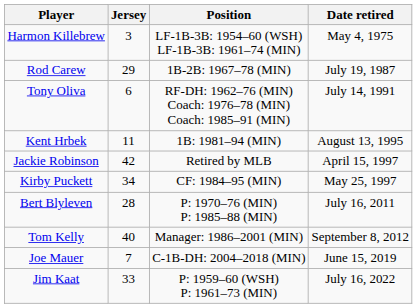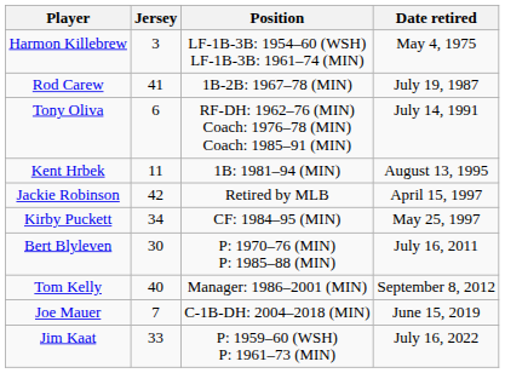 <table class="wikitable" style="text-align:center">
 <tr>
 <th style="text-align:center; ">Player</th>
 <th style="text-align:center; ">Jersey</th>
 <th style="text-align:center; ">Position</th>
 <th style="text-align:center; ">Date retired</th>
 </tr>
 <tr style="vertical-align:top">
 <td style="text-align:center;"><a href='#'>Harmon Killebrew</a></td>
 <td>3</td>
 <td>LF-1B-3B: 1954–60 (WSH)<br>LF-1B-3B: 1961–74 (MIN)</td>
 <td>May 4, 1975</td>
 </tr>
 <tr style="vertical-align:top">
 <td style="text-align:center;"><a href='#'>Rod Carew</a></td>
-<td>29</td>
+<td>41</td>
 <td>1B-2B: 1967–78 (MIN)</td>
 <td>July 19, 1987</td>
 </tr>
 <tr style="vertical-align:top">
 <td style="text-align:center;"><a href='#'>Tony Oliva</a></td>
 <td>6</td>
 <td>RF-DH: 1962–76 (MIN)<br>Coach: 1976–78 (MIN)<br>Coach: 1985–91 (MIN)</td>
 <td>July 14, 1991</td>
 </tr>
 <tr style="vertical-align:top">
 <td style="text-align:center;"><a href='#'>Kent Hrbek</a></td>
 <td>11</td>
 <td>1B: 1981–94 (MIN)</td>
 <td>August 13, 1995</td>
 </tr>
 <tr style="vertical-align:top">
 <td style="text-align:center;"><a href='#'>Jackie Robinson</a></td>
 <td>42</td>
 <td>Retired by MLB</td>
 <td>April 15, 1997</td>
 </tr>
 <tr style="vertical-align:top">
 <td style="text-align:center;"><a href='#'>Kirby Puckett</a></td>
 <td>34</td>
 <td>CF: 1984–95 (MIN)</td>
 <td>May 25, 1997</td>
 </tr>
 <tr style="vertical-align:top">
 <td style="text-align:center;"><a href='#'>Bert Blyleven</a></td>
-<td>28</td>
+<td>30</td>
 <td>P: 1970–76 (MIN)<br>P: 1985–88 (MIN)</td>
 <td>July 16, 2011</td>
 </tr>
 <tr style="vertical-align:top">
 <td style="text-align:center;"><a href='#'>Tom Kelly</a></td>
 <td>40</td>
 <td>Manager: 1986–2001 (MIN)</td>
 <td>September 8, 2012</td>
 </tr>
 <tr style="vertical-align:top">
 <td style="text-align:center;"><a href='#'>Joe Mauer</a></td>
 <td>7</td>
 <td>C-1B-DH: 2004–2018 (MIN)</td>
 <td>June 15, 2019</td>
 </tr>
 <tr style="vertical-align:top">
 <td style="text-align:center;"><a href='#'>Jim Kaat</a></td>
 <td>33</td>
 <td>P: 1959–60 (WSH)<br>P: 1961–73 (MIN)</td>
 <td>July 16, 2022</td>
 </tr>
 </table>
